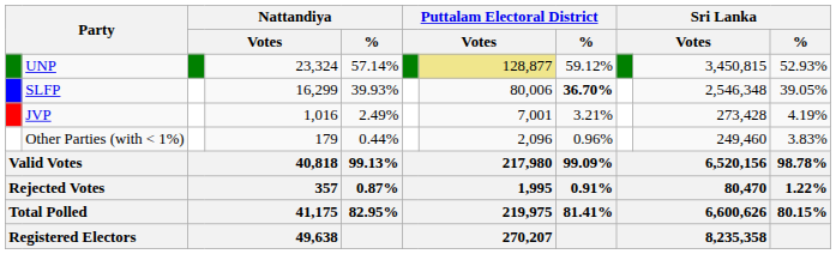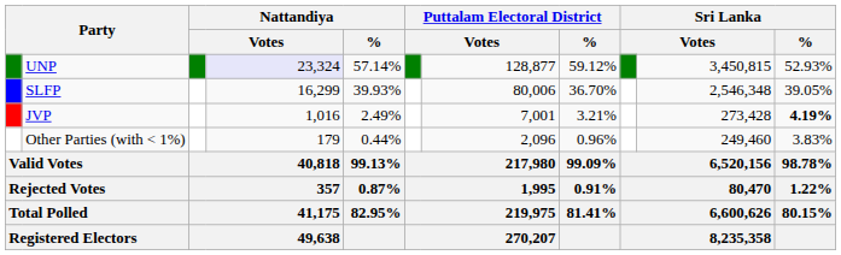 <table class="wikitable">
 <tr>
 <th colspan="2" width="144px"rowspan="2">Party</th>
 <th colspan="3" width="216px">Nattandiya</th>
 <th colspan="3" width="216px"><a href='#'>Puttalam Electoral District</a></th>
 <th colspan="3" width="216px">Sri Lanka</th>
 </tr>
 <tr>
 <th colspan="2" width="144px">Votes</th>
 <th>%</th>
 <th colspan="2" width="144px">Votes</th>
 <th>%</th>
 <th colspan="2" width="144px">Votes</th>
 <th>%</th>
 </tr>
 <tr>
 <td style="background-color:green;" width="10px"></td>
 <td style="text-align:left;"><a href='#'>UNP</a></td>
 <td style="background-color:green;" width="10px"></td>
-<td style="text-align:right;">23,324</td>
+<td style="background: lavender; text-align:right;">23,324</td>
 <td style="text-align:right;">57.14%</td>
 <td style="background-color:green;" width="10px"></td>
-<td style="background: khaki; text-align:right;">128,877</td>
+<td style="text-align:right;">128,877</td>
 <td style="text-align:right;">59.12%</td>
 <td style="background-color:green;" width="10px"></td>
 <td style="text-align:right;">3,450,815</td>
 <td style="text-align:right;">52.93%</td>
 </tr>
 <tr>
 <td style="background-color:blue;" width="10px"></td>
 <td style="text-align:left;"><a href='#'>SLFP</a></td>
 <td style="background-color:white;" width="10px"></td>
 <td style="text-align:right;">16,299</td>
 <td style="text-align:right;">39.93%</td>
 <td style="background-color:white;" width="10px"></td>
 <td style="text-align:right;">80,006</td>
-<td style="text-align:right;"><strong>36.70%</strong></td>
+<td style="text-align:right;">36.70%</td>
 <td style="background-color:white;" width="10px"></td>
 <td style="text-align:right;">2,546,348</td>
 <td style="text-align:right;">39.05%</td>
 </tr>
 <tr>
 <td style="background-color:red;" width="10px"></td>
 <td style="text-align:left;"><a href='#'>JVP</a></td>
 <td style="background-color:white;" width="10px"></td>
 <td style="text-align:right;">1,016</td>
 <td style="text-align:right;">2.49%</td>
 <td style="background-color:white;" width="10px"></td>
 <td style="text-align:right;">7,001</td>
 <td style="text-align:right;">3.21%</td>
 <td style="background-color:white;" width="10px"></td>
 <td style="text-align:right;">273,428</td>
-<td style="text-align:right;">4.19%</td>
+<td style="text-align:right;"><strong>4.19%</strong></td>
 </tr>
 <tr>
 <td style="background-color:white;" width="10px"></td>
 <td style="text-align:left;">Other Parties (with < 1%)</td>
 <td style="background-color:white;" width="10px"></td>
 <td style="text-align:right;">179</td>
 <td style="text-align:right;">0.44%</td>
 <td style="background-color:white;" width="10px"></td>
 <td style="text-align:right;">2,096</td>
 <td style="text-align:right;">0.96%</td>
 <td style="background-color:white;" width="10px"></td>
 <td style="text-align:right;">249,460</td>
 <td style="text-align:right;">3.83%</td>
 </tr>
 <tr>
 <th colspan="2" width="144px"style="text-align:left;">Valid Votes</th>
 <th style="text-align:right;"colspan="2" width="144px">40,818</th>
 <th style="text-align:right;">99.13%</th>
 <th style="text-align:right;"colspan="2" width="144px">217,980</th>
 <th style="text-align:right;">99.09%</th>
 <th style="text-align:right;"colspan="2" width="144px">6,520,156</th>
 <th style="text-align:right;">98.78%</th>
 </tr>
 <tr>
 <th colspan="2" width="144px"style="text-align:left;">Rejected Votes</th>
 <th style="text-align:right;"colspan="2" width="144px">357</th>
 <th style="text-align:right;">0.87%</th>
 <th style="text-align:right;"colspan="2" width="144px">1,995</th>
 <th style="text-align:right;">0.91%</th>
 <th style="text-align:right;"colspan="2" width="144px">80,470</th>
 <th style="text-align:right;">1.22%</th>
 </tr>
 <tr>
 <th colspan="2" width="144px"style="text-align:left;">Total Polled</th>
 <th style="text-align:right;"colspan="2" width="144px">41,175</th>
 <th style="text-align:right;">82.95%</th>
 <th style="text-align:right;"colspan="2" width="144px">219,975</th>
 <th style="text-align:right;">81.41%</th>
 <th style="text-align:right;"colspan="2" width="144px">6,600,626</th>
 <th style="text-align:right;">80.15%</th>
 </tr>
 <tr>
 <th colspan="2" width="144px"style="text-align:left;">Registered Electors</th>
 <th style="text-align:right;"colspan="2" width="144px">49,638</th>
 <th></th>
 <th style="text-align:right;"colspan="2" width="144px">270,207</th>
 <th></th>
 <th style="text-align:right;"colspan="2" width="144px">8,235,358</th>
 <th></th>
 </tr>
 </table>
